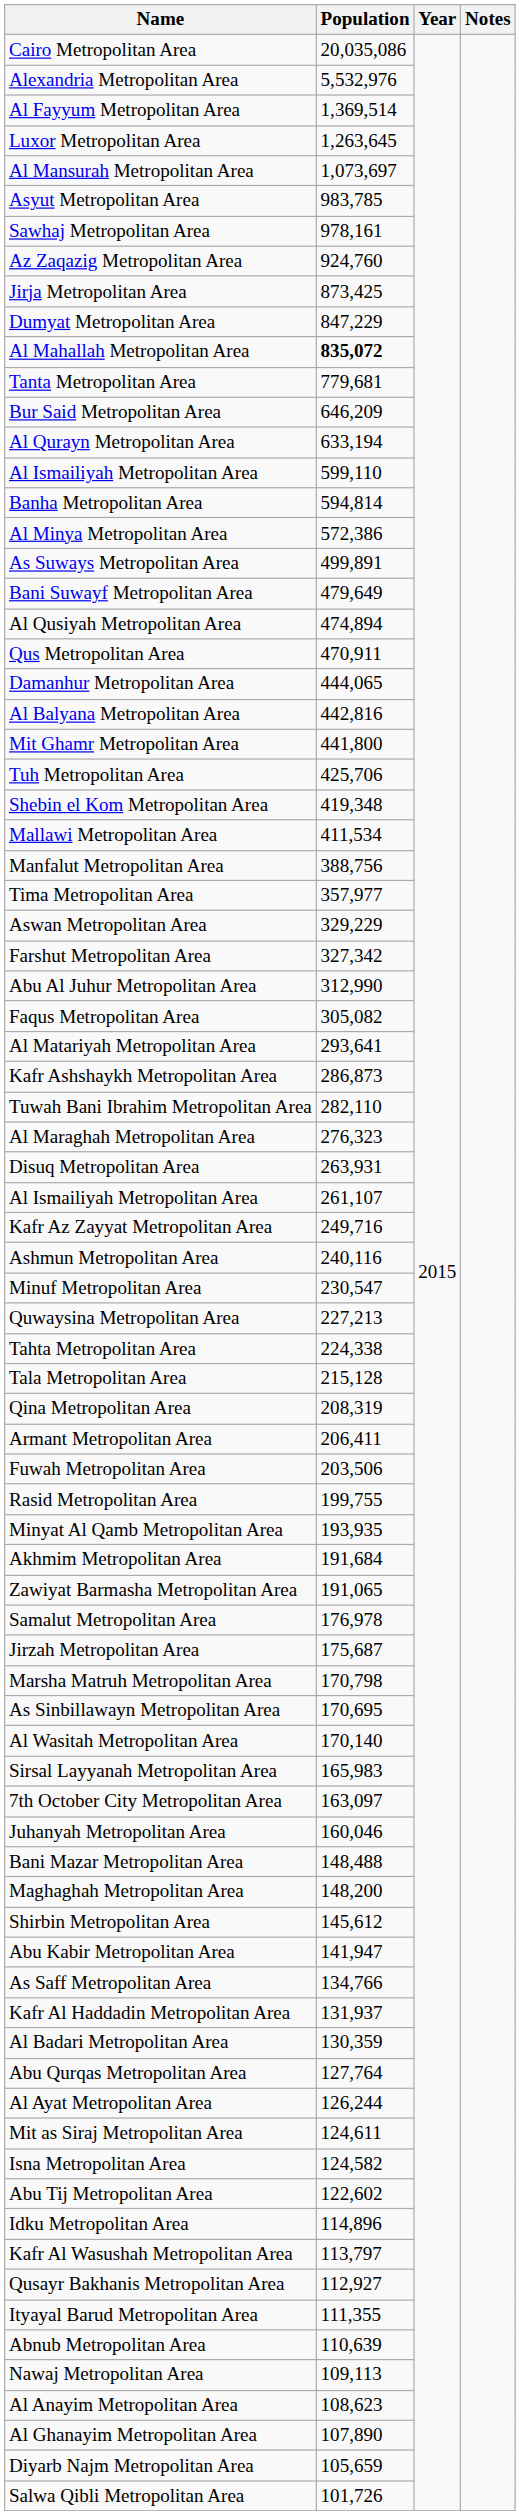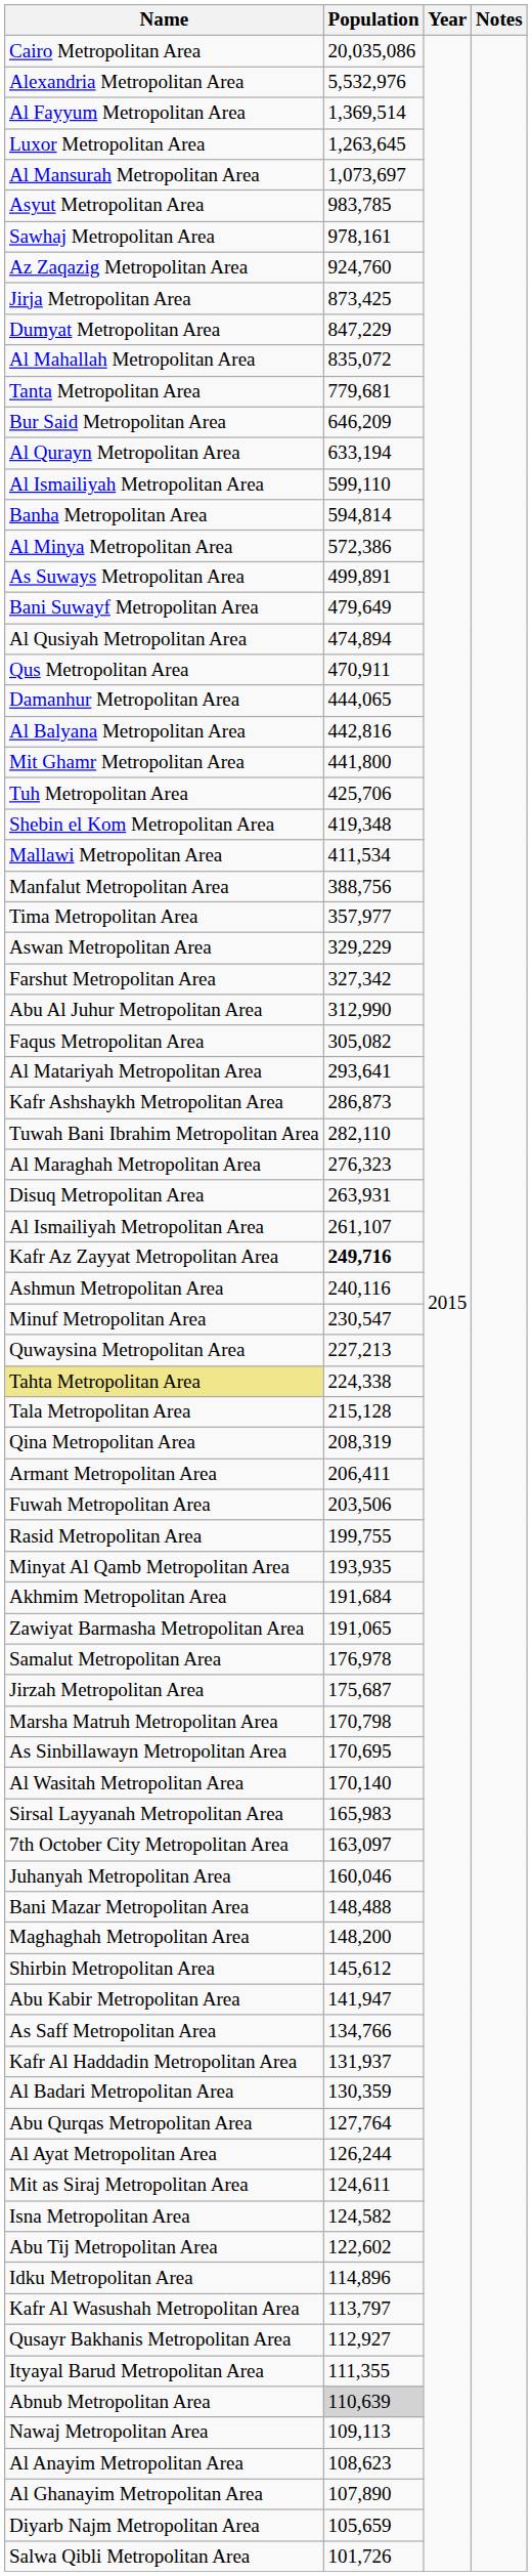 <table class="wikitable sortable">
 <tr>
 <th>Name</th>
 <th>Population</th>
 <th>Year</th>
 <th>Notes</th>
 </tr>
 <tr>
 <td><a href='#'>Cairo</a> Metropolitan Area</td>
 <td>20,035,086</td>
 <td rowspan="82">2015</td>
 <td rowspan="82"></td>
 </tr>
 <tr>
 <td><a href='#'>Alexandria</a> Metropolitan Area</td>
 <td>5,532,976</td>
 </tr>
 <tr>
 <td><a href='#'>Al Fayyum</a> Metropolitan Area</td>
 <td>1,369,514</td>
 </tr>
 <tr>
 <td><a href='#'>Luxor</a> Metropolitan Area</td>
 <td>1,263,645</td>
 </tr>
 <tr>
 <td><a href='#'>Al Mansurah</a> Metropolitan Area</td>
 <td>1,073,697</td>
 </tr>
 <tr>
 <td><a href='#'>Asyut</a> Metropolitan Area</td>
 <td>983,785</td>
 </tr>
 <tr>
 <td><a href='#'>Sawhaj</a> Metropolitan Area</td>
 <td>978,161</td>
 </tr>
 <tr>
 <td><a href='#'>Az Zaqazig</a> Metropolitan Area</td>
 <td>924,760</td>
 </tr>
 <tr>
 <td><a href='#'>Jirja</a> Metropolitan Area</td>
 <td>873,425</td>
 </tr>
 <tr>
 <td><a href='#'>Dumyat</a> Metropolitan Area</td>
 <td>847,229</td>
 </tr>
 <tr>
 <td><a href='#'>Al Mahallah</a> Metropolitan Area</td>
-<td><strong>835,072</strong></td>
+<td>835,072</td>
 </tr>
 <tr>
 <td><a href='#'>Tanta</a> Metropolitan Area</td>
 <td>779,681</td>
 </tr>
 <tr>
 <td><a href='#'>Bur Said</a> Metropolitan Area</td>
 <td>646,209</td>
 </tr>
 <tr>
 <td><a href='#'>Al Qurayn</a> Metropolitan Area</td>
 <td>633,194</td>
 </tr>
 <tr>
 <td><a href='#'>Al Ismailiyah</a> Metropolitan Area</td>
 <td>599,110</td>
 </tr>
 <tr>
 <td><a href='#'>Banha</a> Metropolitan Area</td>
 <td>594,814</td>
 </tr>
 <tr>
 <td><a href='#'>Al Minya</a> Metropolitan Area</td>
 <td>572,386</td>
 </tr>
 <tr>
 <td><a href='#'>As Suways</a> Metropolitan Area</td>
 <td>499,891</td>
 </tr>
 <tr>
 <td><a href='#'>Bani Suwayf</a> Metropolitan Area</td>
 <td>479,649</td>
 </tr>
 <tr>
 <td>Al Qusiyah Metropolitan Area</td>
 <td>474,894</td>
 </tr>
 <tr>
 <td><a href='#'>Qus</a> Metropolitan Area</td>
 <td>470,911</td>
 </tr>
 <tr>
 <td><a href='#'>Damanhur</a> Metropolitan Area</td>
 <td>444,065</td>
 </tr>
 <tr>
 <td><a href='#'>Al Balyana</a> Metropolitan Area</td>
 <td>442,816</td>
 </tr>
 <tr>
 <td><a href='#'>Mit Ghamr</a> Metropolitan Area</td>
 <td>441,800</td>
 </tr>
 <tr>
 <td><a href='#'>Tuh</a> Metropolitan Area</td>
 <td>425,706</td>
 </tr>
 <tr>
 <td><a href='#'>Shebin el Kom</a> Metropolitan Area</td>
 <td>419,348</td>
 </tr>
 <tr>
 <td><a href='#'>Mallawi</a> Metropolitan Area</td>
 <td>411,534</td>
 </tr>
 <tr>
 <td>Manfalut Metropolitan Area</td>
 <td>388,756</td>
 </tr>
 <tr>
 <td>Tima Metropolitan Area</td>
 <td>357,977</td>
 </tr>
 <tr>
 <td>Aswan Metropolitan Area</td>
 <td>329,229</td>
 </tr>
 <tr>
 <td>Farshut Metropolitan Area</td>
 <td>327,342</td>
 </tr>
 <tr>
 <td>Abu Al Juhur Metropolitan Area</td>
 <td>312,990</td>
 </tr>
 <tr>
 <td>Faqus Metropolitan Area</td>
 <td>305,082</td>
 </tr>
 <tr>
 <td>Al Matariyah Metropolitan Area</td>
 <td>293,641</td>
 </tr>
 <tr>
 <td>Kafr Ashshaykh Metropolitan Area</td>
 <td>286,873</td>
 </tr>
 <tr>
 <td>Tuwah Bani Ibrahim Metropolitan Area</td>
 <td>282,110</td>
 </tr>
 <tr>
 <td>Al Maraghah Metropolitan Area</td>
 <td>276,323</td>
 </tr>
 <tr>
 <td>Disuq Metropolitan Area</td>
 <td>263,931</td>
 </tr>
 <tr>
 <td>Al Ismailiyah Metropolitan Area</td>
 <td>261,107</td>
 </tr>
 <tr>
 <td>Kafr Az Zayyat Metropolitan Area</td>
-<td>249,716</td>
+<td><strong>249,716</strong></td>
 </tr>
 <tr>
 <td>Ashmun Metropolitan Area</td>
 <td>240,116</td>
 </tr>
 <tr>
 <td>Minuf Metropolitan Area</td>
 <td>230,547</td>
 </tr>
 <tr>
 <td>Quwaysina Metropolitan Area</td>
 <td>227,213</td>
 </tr>
 <tr>
-<td>Tahta Metropolitan Area</td>
+<td style="background: khaki;">Tahta Metropolitan Area</td>
 <td>224,338</td>
 </tr>
 <tr>
 <td>Tala Metropolitan Area</td>
 <td>215,128</td>
 </tr>
 <tr>
 <td>Qina Metropolitan Area</td>
 <td>208,319</td>
 </tr>
 <tr>
 <td>Armant Metropolitan Area</td>
 <td>206,411</td>
 </tr>
 <tr>
 <td>Fuwah Metropolitan Area</td>
 <td>203,506</td>
 </tr>
 <tr>
 <td>Rasid Metropolitan Area</td>
 <td>199,755</td>
 </tr>
 <tr>
 <td>Minyat Al Qamb Metropolitan Area</td>
 <td>193,935</td>
 </tr>
 <tr>
 <td>Akhmim Metropolitan Area</td>
 <td>191,684</td>
 </tr>
 <tr>
 <td>Zawiyat Barmasha Metropolitan Area</td>
 <td>191,065</td>
 </tr>
 <tr>
 <td>Samalut Metropolitan Area</td>
 <td>176,978</td>
 </tr>
 <tr>
 <td>Jirzah Metropolitan Area</td>
 <td>175,687</td>
 </tr>
 <tr>
 <td>Marsha Matruh Metropolitan Area</td>
 <td>170,798</td>
 </tr>
 <tr>
 <td>As Sinbillawayn Metropolitan Area</td>
 <td>170,695</td>
 </tr>
 <tr>
 <td>Al Wasitah Metropolitan Area</td>
 <td>170,140</td>
 </tr>
 <tr>
 <td>Sirsal Layyanah Metropolitan Area</td>
 <td>165,983</td>
 </tr>
 <tr>
 <td>7th October City Metropolitan Area</td>
 <td>163,097</td>
 </tr>
 <tr>
 <td>Juhanyah Metropolitan Area</td>
 <td>160,046</td>
 </tr>
 <tr>
 <td>Bani Mazar Metropolitan Area</td>
 <td>148,488</td>
 </tr>
 <tr>
 <td>Maghaghah Metropolitan Area</td>
 <td>148,200</td>
 </tr>
 <tr>
 <td>Shirbin Metropolitan Area</td>
 <td>145,612</td>
 </tr>
 <tr>
 <td>Abu Kabir Metropolitan Area</td>
 <td>141,947</td>
 </tr>
 <tr>
 <td>As Saff Metropolitan Area</td>
 <td>134,766</td>
 </tr>
 <tr>
 <td>Kafr Al Haddadin Metropolitan Area</td>
 <td>131,937</td>
 </tr>
 <tr>
 <td>Al Badari Metropolitan Area</td>
 <td>130,359</td>
 </tr>
 <tr>
 <td>Abu Qurqas Metropolitan Area</td>
 <td>127,764</td>
 </tr>
 <tr>
 <td>Al Ayat Metropolitan Area</td>
 <td>126,244</td>
 </tr>
 <tr>
 <td>Mit as Siraj Metropolitan Area</td>
 <td>124,611</td>
 </tr>
 <tr>
 <td>Isna Metropolitan Area</td>
 <td>124,582</td>
 </tr>
 <tr>
 <td>Abu Tij Metropolitan Area</td>
 <td>122,602</td>
 </tr>
 <tr>
 <td>Idku Metropolitan Area</td>
 <td>114,896</td>
 </tr>
 <tr>
 <td>Kafr Al Wasushah Metropolitan Area</td>
 <td>113,797</td>
 </tr>
 <tr>
 <td>Qusayr Bakhanis Metropolitan Area</td>
 <td>112,927</td>
 </tr>
 <tr>
 <td>Ityayal Barud Metropolitan Area</td>
 <td>111,355</td>
 </tr>
 <tr>
 <td>Abnub Metropolitan Area</td>
-<td>110,639</td>
+<td style="background: lightgrey;">110,639</td>
 </tr>
 <tr>
 <td>Nawaj Metropolitan Area</td>
 <td>109,113</td>
 </tr>
 <tr>
 <td>Al Anayim Metropolitan Area</td>
 <td>108,623</td>
 </tr>
 <tr>
 <td>Al Ghanayim Metropolitan Area</td>
 <td>107,890</td>
 </tr>
 <tr>
 <td>Diyarb Najm Metropolitan Area</td>
 <td>105,659</td>
 </tr>
 <tr>
 <td>Salwa Qibli Metropolitan Area</td>
 <td>101,726</td>
 </tr>
 </table>
